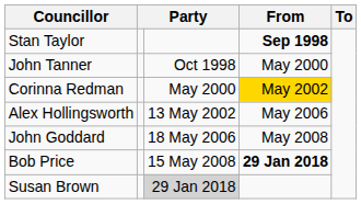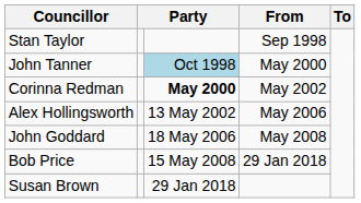 <table class=wikitable>
 <tr>
 <th>Councillor</th>
 <th colspan=2>Party</th>
 <th>From</th>
 <th>To</th>
 </tr>
 <tr>
 <td>Stan Taylor</td>
 <td></td>
 <td align=right></td>
-<td align=right><strong>Sep 1998</strong></td>
+<td align=right>Sep 1998</td>
 </tr>
 <tr>
 <td>John Tanner</td>
 <td></td>
-<td align=right>Oct 1998</td>
+<td align=right style="background: lightblue;">Oct 1998</td>
 <td align=right>May 2000</td>
 </tr>
 <tr>
 <td>Corinna Redman</td>
 <td></td>
-<td align=right>May 2000</td>
-<td align=right style="background: gold;">May 2002</td>
+<td align=right><strong>May 2000</strong></td>
+<td align=right>May 2002</td>
 </tr>
 <tr>
 <td>Alex Hollingsworth</td>
 <td></td>
 <td align=right>13 May 2002</td>
 <td align=right>May 2006</td>
 </tr>
 <tr>
 <td>John Goddard</td>
 <td></td>
 <td align=right>18 May 2006</td>
 <td align=right>May 2008</td>
 </tr>
 <tr>
 <td>Bob Price</td>
 <td></td>
 <td align=right>15 May 2008</td>
-<td align=right><strong>29 Jan 2018</strong></td>
+<td align=right>29 Jan 2018</td>
 </tr>
 <tr>
 <td>Susan Brown</td>
 <td></td>
-<td align=right style="background: lightgrey;">29 Jan 2018</td>
+<td align=right>29 Jan 2018</td>
 <td></td>
 </tr>
 </table>
